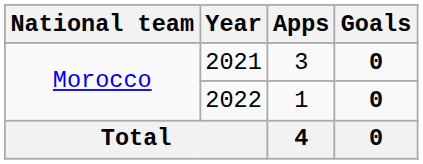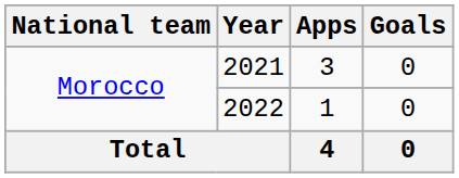 <table class="wikitable" style="text-align:center">
 <tr>
 <th>National team</th>
 <th>Year</th>
 <th>Apps</th>
 <th>Goals</th>
 </tr>
 <tr>
 <td rowspan="2"><a href='#'>Morocco</a></td>
 <td>2021</td>
 <td>3</td>
-<td><strong>0</strong></td>
+<td>0</td>
 </tr>
 <tr>
 <td>2022</td>
 <td>1</td>
-<td><strong>0</strong></td>
+<td>0</td>
 </tr>
 <tr>
 <th colspan="2">Total</th>
 <th>4</th>
 <th>0</th>
 </tr>
 </table>
